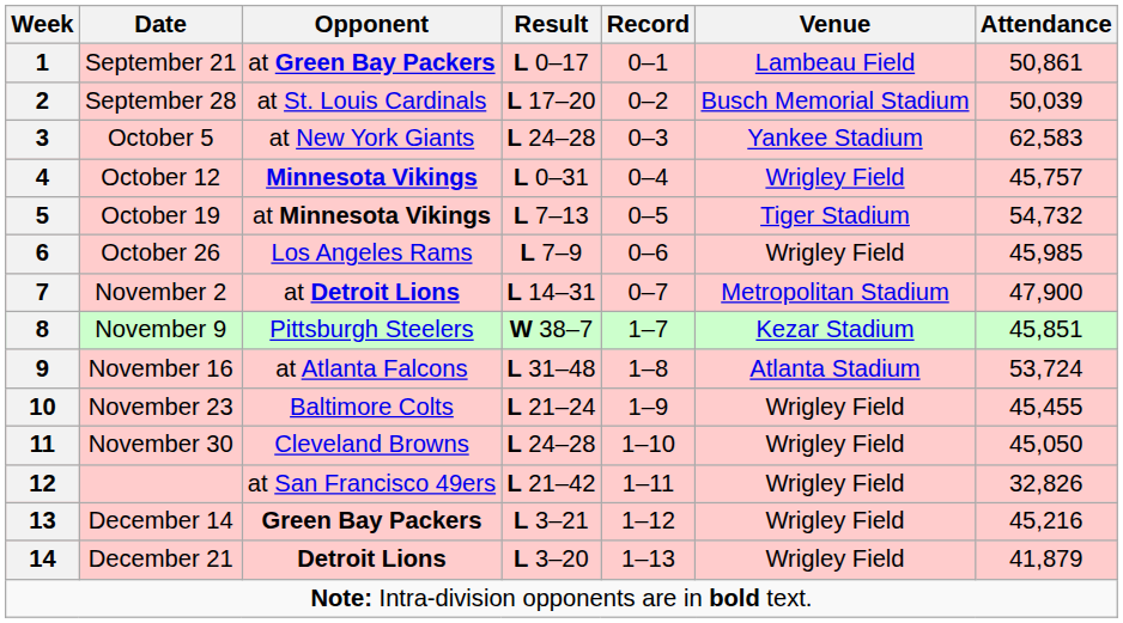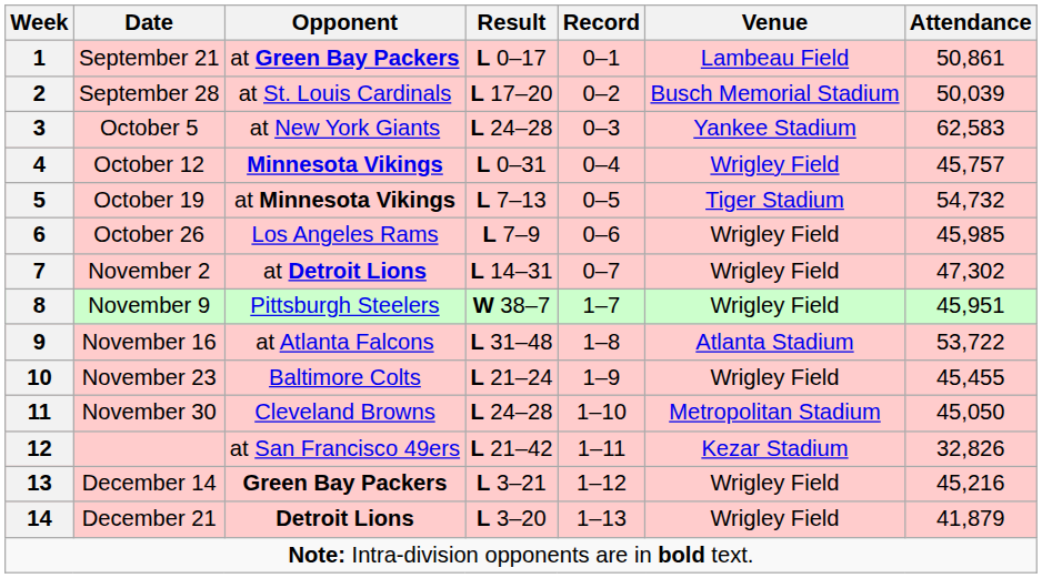 <table class="wikitable" style="text-align:center">
 <tr>
 <th>Week</th>
 <th>Date</th>
 <th>Opponent</th>
 <th>Result</th>
 <th>Record</th>
 <th>Venue</th>
 <th>Attendance</th>
 </tr>
 <tr style="background:#fcc">
 <th>1</th>
 <td>September 21</td>
 <td>at <strong><a href='#'>Green Bay Packers</a></strong></td>
 <td><strong>L</strong> 0–17</td>
 <td>0–1</td>
 <td><a href='#'>Lambeau Field</a></td>
 <td>50,861</td>
 </tr>
 <tr style="background:#fcc">
 <th>2</th>
 <td>September 28</td>
 <td>at <a href='#'>St. Louis Cardinals</a></td>
 <td><strong>L</strong> 17–20</td>
 <td>0–2</td>
 <td><a href='#'>Busch Memorial Stadium</a></td>
 <td>50,039</td>
 </tr>
 <tr style="background:#fcc">
 <th>3</th>
 <td>October 5</td>
 <td>at <a href='#'>New York Giants</a></td>
 <td><strong>L</strong> 24–28</td>
 <td>0–3</td>
 <td><a href='#'>Yankee Stadium</a></td>
 <td>62,583</td>
 </tr>
 <tr style="background:#fcc">
 <th>4</th>
 <td>October 12</td>
 <td><strong><a href='#'>Minnesota Vikings</a></strong></td>
 <td><strong>L</strong> 0–31</td>
 <td>0–4</td>
 <td><a href='#'>Wrigley Field</a></td>
 <td>45,757</td>
 </tr>
 <tr style="background:#fcc">
 <th>5</th>
 <td>October 19</td>
 <td>at <strong>Minnesota Vikings</strong></td>
 <td><strong>L</strong> 7–13</td>
 <td>0–5</td>
 <td><a href='#'>Tiger Stadium</a></td>
 <td>54,732</td>
 </tr>
 <tr style="background:#fcc">
 <th>6</th>
 <td>October 26</td>
 <td><a href='#'>Los Angeles Rams</a></td>
 <td><strong>L</strong> 7–9</td>
 <td>0–6</td>
 <td>Wrigley Field</td>
 <td>45,985</td>
 </tr>
 <tr style="background:#fcc">
 <th>7</th>
 <td>November 2</td>
 <td>at <strong><a href='#'>Detroit Lions</a></strong></td>
 <td><strong>L</strong> 14–31</td>
 <td>0–7</td>
-<td><a href='#'>Metropolitan Stadium</a></td>
-<td>47,900</td>
+<td>Wrigley Field</td>
+<td>47,302</td>
 </tr>
 <tr style="background:#cfc">
 <th>8</th>
 <td>November 9</td>
 <td><a href='#'>Pittsburgh Steelers</a></td>
 <td><strong>W</strong> 38–7</td>
 <td>1–7</td>
-<td><a href='#'>Kezar Stadium</a></td>
-<td>45,851</td>
+<td>Wrigley Field</td>
+<td>45,951</td>
 </tr>
 <tr style="background:#fcc">
 <th>9</th>
 <td>November 16</td>
 <td>at <a href='#'>Atlanta Falcons</a></td>
 <td><strong>L</strong> 31–48</td>
 <td>1–8</td>
 <td><a href='#'>Atlanta Stadium</a></td>
-<td>53,724</td>
+<td>53,722</td>
 </tr>
 <tr style="background:#fcc">
 <th>10</th>
 <td>November 23</td>
 <td><a href='#'>Baltimore Colts</a></td>
 <td><strong>L</strong> 21–24</td>
 <td>1–9</td>
 <td>Wrigley Field</td>
 <td>45,455</td>
 </tr>
 <tr style="background:#fcc">
 <th>11</th>
 <td>November 30</td>
 <td><a href='#'>Cleveland Browns</a></td>
 <td><strong>L</strong> 24–28</td>
 <td>1–10</td>
-<td>Wrigley Field</td>
+<td><a href='#'>Metropolitan Stadium</a></td>
 <td>45,050</td>
 </tr>
 <tr style="background:#fcc">
 <th>12</th>
 <td></td>
 <td>at <a href='#'>San Francisco 49ers</a></td>
 <td><strong>L</strong> 21–42</td>
 <td>1–11</td>
-<td>Wrigley Field</td>
+<td><a href='#'>Kezar Stadium</a></td>
 <td>32,826</td>
 </tr>
 <tr style="background:#fcc">
 <th>13</th>
 <td>December 14</td>
 <td><strong>Green Bay Packers</strong></td>
 <td><strong>L</strong> 3–21</td>
 <td>1–12</td>
 <td>Wrigley Field</td>
 <td>45,216</td>
 </tr>
 <tr style="background:#fcc">
 <th>14</th>
 <td>December 21</td>
 <td><strong>Detroit Lions</strong></td>
 <td><strong>L</strong> 3–20</td>
 <td>1–13</td>
 <td>Wrigley Field</td>
 <td>41,879</td>
 </tr>
 <tr>
 <td colspan="8"><strong>Note:</strong> Intra-division opponents are in <strong>bold</strong> text.</td>
 </tr>
 </table>
